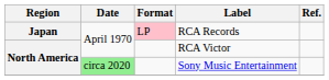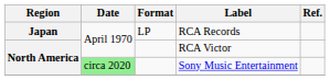 <table class="wikitable plainrowheaders">
 <tr>
 <th scope="col">Region</th>
 <th scope="col">Date</th>
 <th scope="col">Format</th>
 <th scope="col">Label</th>
 <th scope="col">Ref.</th>
 </tr>
 <tr>
 <th scope="row">Japan</th>
 <td rowspan="2">April 1970</td>
-<td style="background: pink;">LP</td>
+<td>LP</td>
 <td>RCA Records</td>
 <td></td>
 </tr>
 <tr>
 <th scope="row" rowspan="2">North America</th>
 <td></td>
 <td>RCA Victor</td>
 <td></td>
 </tr>
 <tr>
 <td style="background: lightgreen;">circa 2020</td>
 <td></td>
 <td><a href='#'>Sony Music Entertainment</a></td>
 <td></td>
 </tr>
 <tr>
 </tr>
 </table>
